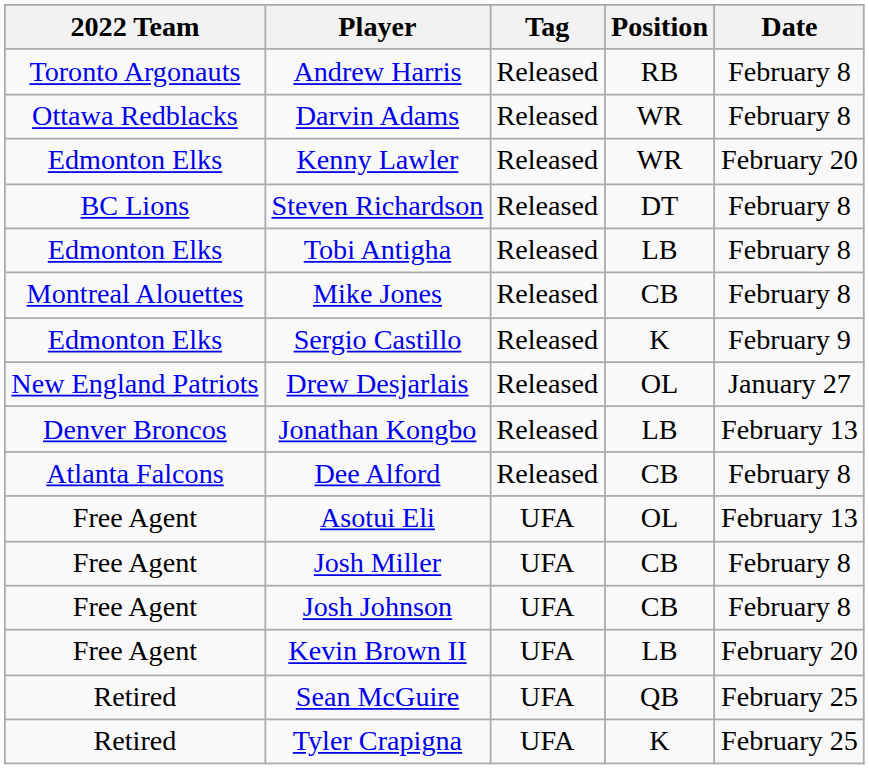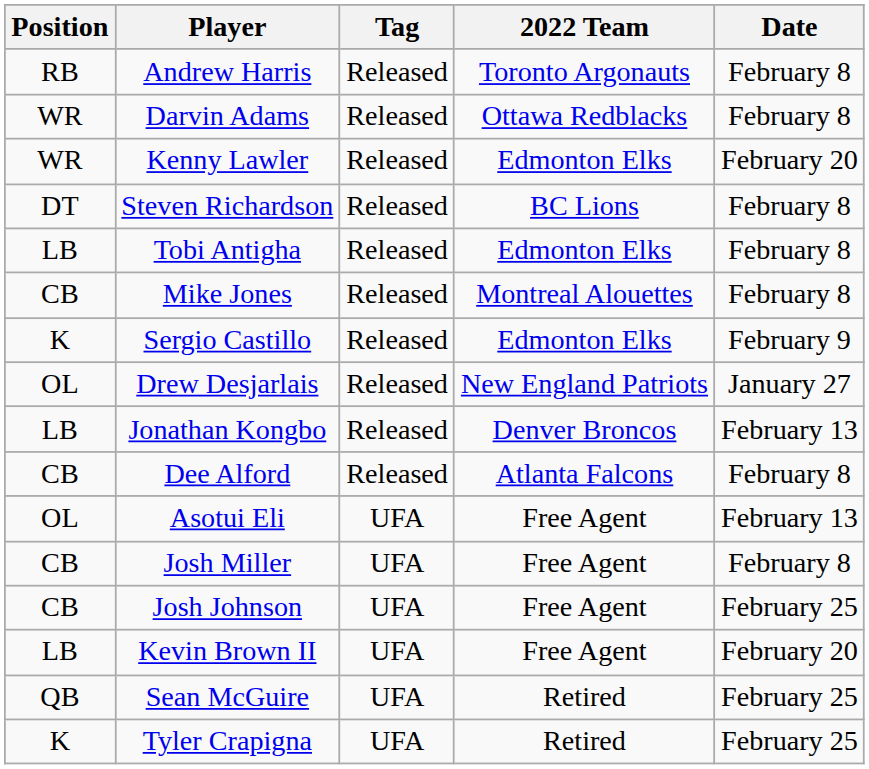 <table class="wikitable sortable" style="text-align:center">
 <tr>
-<th ! scope="col">2022 Team</th>
+<th scope="col">Position</th>
 <th ! scope="col">Player</th>
 <th ! scope="col">Tag</th>
-<th scope="col">Position</th>
+<th ! scope="col">2022 Team</th>
 <th scope="col">Date</th>
 </tr>
 <tr>
-<td><a href='#'> Toronto Argonauts</a></td>
+<td>RB</td>
 <td><a href='#'>Andrew Harris</a></td>
 <td>Released</td>
-<td>RB</td>
+<td><a href='#'> Toronto Argonauts</a></td>
 <td>February 8</td>
 </tr>
 <tr>
-<td><a href='#'> Ottawa Redblacks</a></td>
+<td>WR</td>
 <td><a href='#'>Darvin Adams</a></td>
 <td>Released</td>
-<td>WR</td>
+<td><a href='#'> Ottawa Redblacks</a></td>
 <td>February 8</td>
 </tr>
 <tr>
-<td><a href='#'> Edmonton Elks</a></td>
+<td>WR</td>
 <td><a href='#'>Kenny Lawler</a></td>
 <td>Released</td>
-<td>WR</td>
+<td><a href='#'> Edmonton Elks</a></td>
 <td>February 20</td>
 </tr>
 <tr>
-<td><a href='#'> BC Lions</a></td>
+<td>DT</td>
 <td><a href='#'>Steven Richardson</a></td>
 <td>Released</td>
-<td>DT</td>
+<td><a href='#'> BC Lions</a></td>
 <td>February 8</td>
 </tr>
 <tr>
-<td><a href='#'> Edmonton Elks</a></td>
+<td>LB</td>
 <td><a href='#'>Tobi Antigha</a></td>
 <td>Released</td>
-<td>LB</td>
+<td><a href='#'> Edmonton Elks</a></td>
 <td>February  8</td>
 </tr>
 <tr>
-<td><a href='#'> Montreal Alouettes</a></td>
+<td>CB</td>
 <td><a href='#'>Mike Jones</a></td>
 <td>Released</td>
-<td>CB</td>
+<td><a href='#'> Montreal Alouettes</a></td>
 <td>February 8</td>
 </tr>
 <tr>
-<td><a href='#'> Edmonton Elks</a></td>
+<td>K</td>
 <td><a href='#'>Sergio Castillo</a></td>
 <td>Released</td>
-<td>K</td>
+<td><a href='#'> Edmonton Elks</a></td>
 <td>February 9</td>
 </tr>
 <tr>
-<td><a href='#'> New England Patriots</a></td>
+<td>OL</td>
 <td><a href='#'>Drew Desjarlais</a></td>
 <td>Released</td>
-<td>OL</td>
+<td><a href='#'> New England Patriots</a></td>
 <td>January 27</td>
 </tr>
 <tr>
-<td><a href='#'> Denver Broncos</a></td>
+<td>LB</td>
 <td><a href='#'>Jonathan Kongbo</a></td>
 <td>Released</td>
-<td>LB</td>
+<td><a href='#'> Denver Broncos</a></td>
 <td>February 13</td>
 </tr>
 <tr>
-<td><a href='#'> Atlanta Falcons</a></td>
+<td>CB</td>
 <td><a href='#'>Dee Alford</a></td>
 <td>Released</td>
-<td>CB</td>
+<td><a href='#'> Atlanta Falcons</a></td>
 <td>February 8</td>
 </tr>
 <tr>
-<td>Free Agent</td>
+<td>OL</td>
 <td><a href='#'>Asotui Eli</a></td>
 <td>UFA</td>
-<td>OL</td>
+<td>Free Agent</td>
 <td>February 13</td>
 </tr>
 <tr>
-<td>Free Agent</td>
+<td>CB</td>
 <td><a href='#'>Josh Miller</a></td>
 <td>UFA</td>
-<td>CB</td>
+<td>Free Agent</td>
 <td>February 8</td>
 </tr>
 <tr>
-<td>Free Agent</td>
+<td>CB</td>
 <td><a href='#'>Josh Johnson</a></td>
 <td>UFA</td>
-<td>CB</td>
-<td>February 8</td>
+<td>Free Agent</td>
+<td>February 25</td>
 </tr>
 <tr>
-<td>Free Agent</td>
+<td>LB</td>
 <td><a href='#'>Kevin Brown II</a></td>
 <td>UFA</td>
-<td>LB</td>
+<td>Free Agent</td>
 <td>February 20</td>
 </tr>
 <tr>
-<td>Retired</td>
+<td>QB</td>
 <td><a href='#'>Sean McGuire</a></td>
 <td>UFA</td>
-<td>QB</td>
+<td>Retired</td>
 <td>February 25</td>
 </tr>
 <tr>
-<td>Retired</td>
+<td>K</td>
 <td><a href='#'>Tyler Crapigna</a></td>
 <td>UFA</td>
-<td>K</td>
+<td>Retired</td>
 <td>February 25</td>
 </tr>
 </table>
